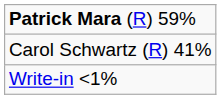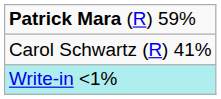 <table class="wikitable">
 <tr>
 <td><strong>Patrick Mara</strong> (<a href='#'>R</a>) 59%</td>
 </tr>
 <tr>
 <td>Carol Schwartz (<a href='#'>R</a>) 41%</td>
 </tr>
 <tr>
-<td><a href='#'>Write-in</a> <1%</td>
+<td style="background: paleturquoise;"><a href='#'>Write-in</a> <1%</td>
 </tr>
 </table>
